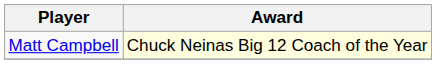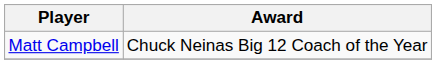 <table class="wikitable" style="text-align: center">
 <tr align=center>
 <th>Player</th>
 <th>Award</th>
 </tr>
 <tr>
 <td><a href='#'>Matt Campbell</a></td>
-<td style="background: lightyellow;">Chuck Neinas Big 12 Coach of the Year</td>
+<td>Chuck Neinas Big 12 Coach of the Year</td>
 </tr>
 <tr>
 </tr>
 </table>
